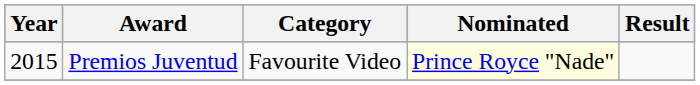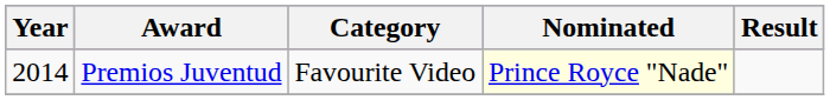 <table class="wikitable plainrowheaders" style="text-align:center;">
 <tr style="background:#96c;">
 <th scope="col">Year</th>
 <th scope="col">Award</th>
 <th scope="col">Category</th>
 <th scope="col">Nominated</th>
 <th scope="col">Result</th>
 </tr>
 <tr>
-<td>2015</td>
+<td>2014</td>
 <td><a href='#'>Premios Juventud</a></td>
 <td>Favourite Video</td>
 <td style="background: lightyellow;"><a href='#'>Prince Royce</a> "Nade"</td>
 <td></td>
 </tr>
 <tr>
 </tr>
 </table>
